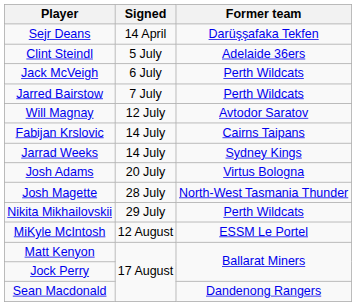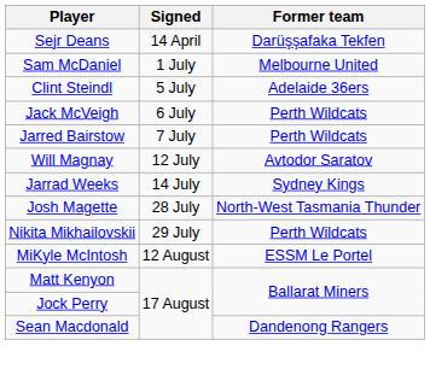 <table class="wikitable sortable sortable" style="text-align: center">
 <tr>
 <th>Player</th>
 <th>Signed</th>
 <th>Former team</th>
 </tr>
 <tr>
 <td><a href='#'>Sejr Deans</a></td>
 <td>14 April</td>
 <td><a href='#'>Darüşşafaka Tekfen</a></td>
+</tr>
+<tr>
+<td><a href='#'>Sam McDaniel</a></td>
+<td>1 July</td>
+<td><a href='#'>Melbourne United</a></td>
 </tr>
 <tr>
 <td><a href='#'>Clint Steindl</a></td>
 <td>5 July</td>
 <td><a href='#'>Adelaide 36ers</a></td>
 </tr>
 <tr>
 <td><a href='#'>Jack McVeigh</a></td>
 <td>6 July</td>
 <td><a href='#'>Perth Wildcats</a></td>
 </tr>
 <tr>
 <td><a href='#'>Jarred Bairstow</a></td>
 <td>7 July</td>
 <td><a href='#'>Perth Wildcats</a></td>
 </tr>
 <tr>
 <td><a href='#'>Will Magnay</a></td>
 <td>12 July</td>
 <td><a href='#'>Avtodor Saratov</a></td>
 </tr>
 <tr>
-<td><a href='#'>Fabijan Krslovic</a></td>
-<td>14 July</td>
-<td><a href='#'>Cairns Taipans</a></td>
-</tr>
-<tr>
 <td><a href='#'>Jarrad Weeks</a></td>
 <td>14 July</td>
 <td><a href='#'>Sydney Kings</a></td>
-</tr>
-<tr>
-<td><a href='#'>Josh Adams</a></td>
-<td>20 July</td>
-<td><a href='#'>Virtus Bologna</a></td>
 </tr>
 <tr>
 <td><a href='#'>Josh Magette</a></td>
 <td>28 July</td>
 <td><a href='#'>North-West Tasmania Thunder</a></td>
 </tr>
 <tr>
 <td><a href='#'>Nikita Mikhailovskii</a></td>
 <td>29 July</td>
 <td><a href='#'>Perth Wildcats</a></td>
 </tr>
 <tr>
 <td><a href='#'>MiKyle McIntosh</a></td>
 <td>12 August</td>
 <td><a href='#'>ESSM Le Portel</a></td>
 </tr>
 <tr>
 <td><a href='#'>Matt Kenyon</a></td>
 <td rowspan="3">17 August</td>
 <td rowspan="2"><a href='#'>Ballarat Miners</a></td>
 </tr>
 <tr>
 <td><a href='#'>Jock Perry</a></td>
 </tr>
 <tr>
 <td><a href='#'>Sean Macdonald</a></td>
 <td><a href='#'>Dandenong Rangers</a></td>
 </tr>
 </table>
